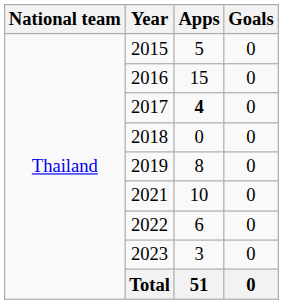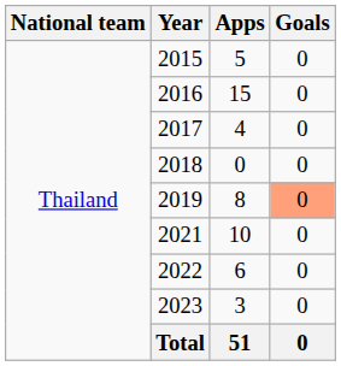 <table class="wikitable" style="text-align:center">
 <tr>
 <th>National team</th>
 <th>Year</th>
 <th>Apps</th>
 <th>Goals</th>
 </tr>
 <tr>
 <td rowspan="9"><a href='#'>Thailand</a></td>
 <td>2015</td>
 <td>5</td>
 <td>0</td>
 </tr>
 <tr>
 <td>2016</td>
 <td>15</td>
 <td>0</td>
 </tr>
 <tr>
 <td>2017</td>
-<td><strong>4</strong></td>
+<td>4</td>
 <td>0</td>
 </tr>
 <tr>
 <td>2018</td>
 <td>0</td>
 <td>0</td>
 </tr>
 <tr>
 <td>2019</td>
 <td>8</td>
-<td>0</td>
+<td style="background: lightsalmon;">0</td>
 </tr>
 <tr>
 <td>2021</td>
 <td>10</td>
 <td>0</td>
 </tr>
 <tr>
 <td>2022</td>
 <td>6</td>
 <td>0</td>
 </tr>
 <tr>
 <td>2023</td>
 <td>3</td>
 <td>0</td>
 </tr>
 <tr>
 <th>Total</th>
 <th>51</th>
 <th>0</th>
 </tr>
 </table>
